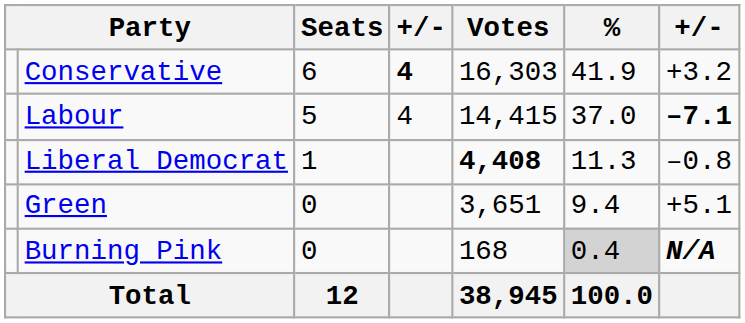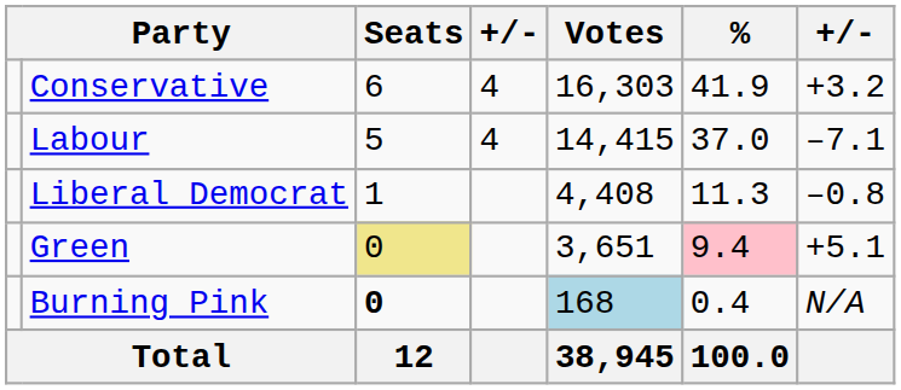 <table class="wikitable sortable">
 <tr>
 <th colspan="2">Party</th>
 <th>Seats</th>
 <th>+/-</th>
 <th>Votes</th>
 <th>%</th>
 <th>+/-</th>
 </tr>
 <tr>
 <td style="background-color: "></td>
 <td><a href='#'>Conservative</a></td>
 <td>6</td>
-<td><strong> 4</strong></td>
+<td> 4</td>
 <td>16,303</td>
 <td>41.9</td>
 <td><span>+3.2</span></td>
 </tr>
 <tr>
 <td style="background-color: "></td>
 <td><a href='#'>Labour</a></td>
 <td>5</td>
 <td> 4</td>
 <td>14,415</td>
 <td>37.0</td>
-<td><strong><span>–7.1</span></strong></td>
+<td><span>–7.1</span></td>
 </tr>
 <tr>
 <td style="background-color: "></td>
 <td><a href='#'>Liberal Democrat</a></td>
 <td>1</td>
 <td></td>
-<td><strong>4,408</strong></td>
+<td>4,408</td>
 <td>11.3</td>
 <td><span>–0.8</span></td>
 </tr>
 <tr>
 <td style="background-color: "></td>
 <td><a href='#'>Green</a></td>
-<td>0</td>
+<td style="background: khaki;">0</td>
 <td></td>
 <td>3,651</td>
-<td>9.4</td>
+<td style="background: pink;">9.4</td>
 <td><span>+5.1</span></td>
 </tr>
 <tr>
 <td style="background-color: "></td>
 <td><a href='#'>Burning Pink</a></td>
-<td>0</td>
+<td><strong>0</strong></td>
 <td></td>
-<td>168</td>
-<td style="background: lightgrey;">0.4</td>
-<td><strong><span><em>N/A</em></span></strong></td>
+<td style="background: lightblue;">168</td>
+<td>0.4</td>
+<td><span><em>N/A</em></span></td>
 </tr>
 <tr>
 <th colspan="2"><strong>Total</strong></th>
 <th>12</th>
 <th></th>
 <th>38,945</th>
 <th>100.0</th>
 <th></th>
 </tr>
 </table>
